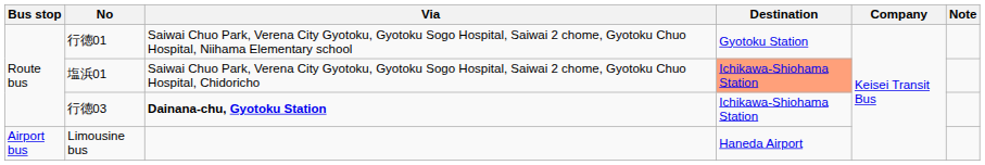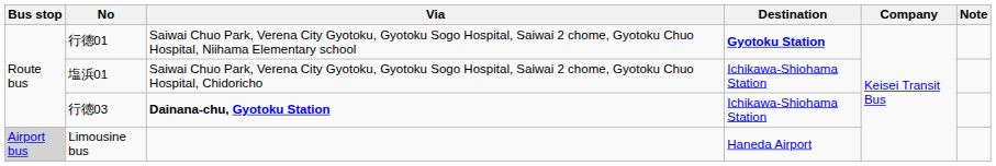 <table class="wikitable">
 <tr>
 <th>Bus stop</th>
 <th>No</th>
 <th>Via</th>
 <th>Destination</th>
 <th>Company</th>
 <th>Note</th>
 </tr>
 <tr>
 <td rowspan="3">Route bus</td>
 <td>行徳01</td>
 <td>Saiwai Chuo Park, Verena City Gyotoku, Gyotoku Sogo Hospital, Saiwai 2 chome, Gyotoku Chuo Hospital, Niihama Elementary school</td>
-<td><a href='#'>Gyotoku Station</a></td>
+<td><strong><a href='#'>Gyotoku Station</a></strong></td>
 <td rowspan="5"><a href='#'>Keisei Transit Bus</a></td>
 <td></td>
 </tr>
 <tr>
 <td>塩浜01</td>
 <td>Saiwai Chuo Park, Verena City Gyotoku, Gyotoku Sogo Hospital, Saiwai 2 chome, Gyotoku Chuo Hospital, Chidoricho</td>
-<td style="background: lightsalmon;"><a href='#'>Ichikawa-Shiohama Station</a></td>
+<td><a href='#'>Ichikawa-Shiohama Station</a></td>
 <td></td>
 </tr>
 <tr>
 <td>行徳03</td>
 <td><strong>Dainana-chu,  <a href='#'>Gyotoku Station</a></strong></td>
 <td><a href='#'>Ichikawa-Shiohama Station</a></td>
 <td></td>
 </tr>
 <tr>
-<td><a href='#'>Airport bus</a></td>
+<td style="background: lightgrey;"><a href='#'>Airport bus</a></td>
 <td>Limousine bus</td>
 <td></td>
 <td><a href='#'>Haneda Airport</a></td>
 <td></td>
 </tr>
 </table>
